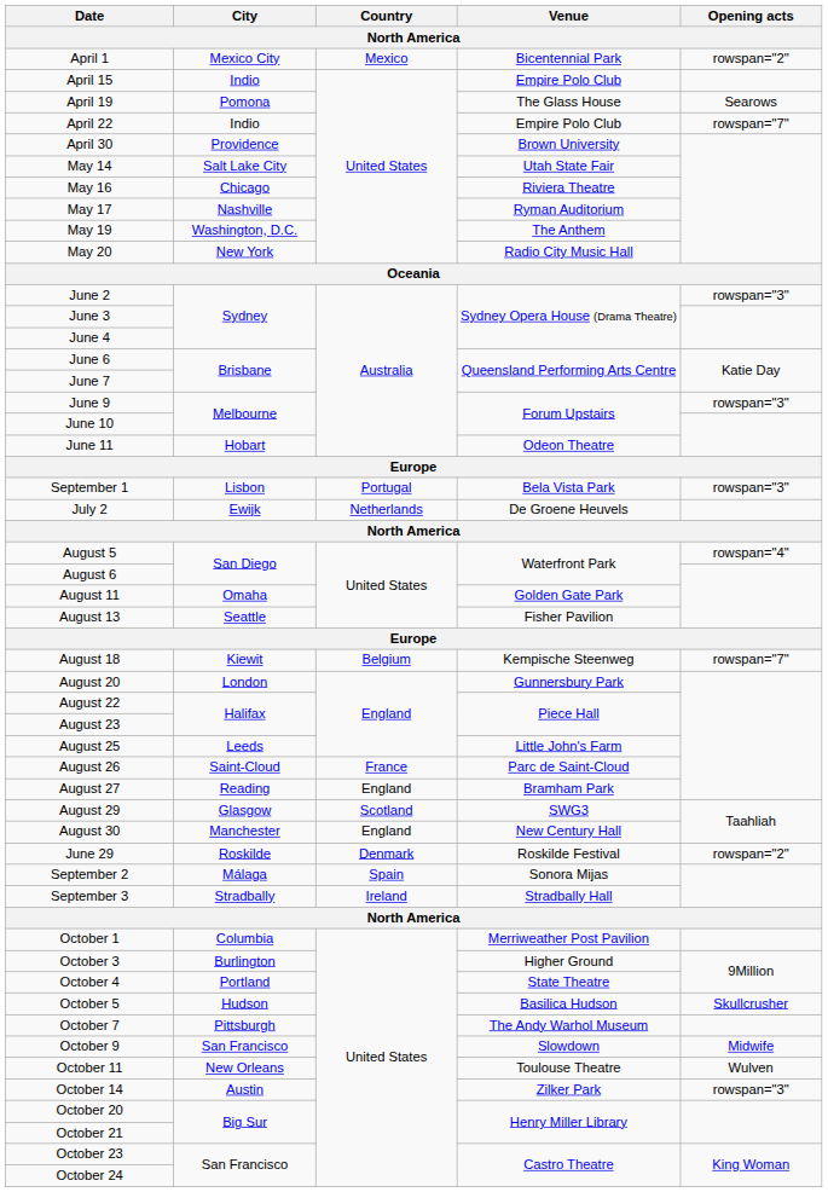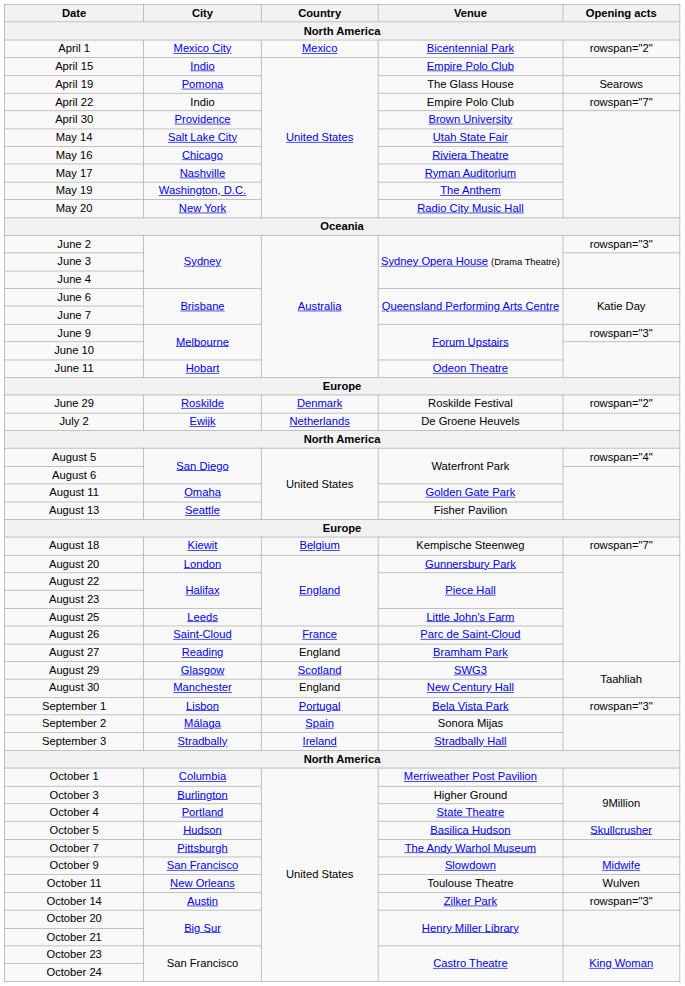 <table class="wikitable plainrowheaders" style="text-align:center;">
 <tr>
 <th scope="col" style="width:12em;">Date</th>
 <th scope="col" style="width:10em;">City</th>
 <th scope="col" style="width:10em;">Country</th>
 <th scope="col" style="width:16em;">Venue</th>
 <th scope="col" style="width:10em;">Opening acts</th>
 </tr>
 <tr>
 <th colspan="5">North America</th>
 </tr>
 <tr>
 <td>April 1</td>
 <td><a href='#'>Mexico City</a></td>
 <td><a href='#'>Mexico</a></td>
 <td><a href='#'>Bicentennial Park</a></td>
 <td>rowspan="2" </td>
 </tr>
 <tr>
 <td>April 15</td>
 <td><a href='#'>Indio</a></td>
 <td rowspan="9"><a href='#'>United States</a></td>
 <td><a href='#'>Empire Polo Club</a></td>
 </tr>
 <tr>
 <td>April 19</td>
 <td><a href='#'>Pomona</a></td>
 <td>The Glass House</td>
 <td>Searows</td>
 </tr>
 <tr>
 <td>April 22</td>
 <td>Indio</td>
 <td>Empire Polo Club</td>
 <td>rowspan="7" </td>
 </tr>
 <tr>
 <td>April 30</td>
 <td><a href='#'>Providence</a></td>
 <td><a href='#'>Brown University</a></td>
 </tr>
 <tr>
 <td>May 14</td>
 <td><a href='#'>Salt Lake City</a></td>
 <td><a href='#'>Utah State Fair</a></td>
 </tr>
 <tr>
 <td>May 16</td>
 <td><a href='#'>Chicago</a></td>
 <td><a href='#'>Riviera Theatre</a></td>
 </tr>
 <tr>
 <td>May 17</td>
 <td><a href='#'>Nashville</a></td>
 <td><a href='#'>Ryman Auditorium</a></td>
 </tr>
 <tr>
 <td>May 19</td>
 <td><a href='#'>Washington, D.C.</a></td>
 <td><a href='#'>The Anthem</a></td>
 </tr>
 <tr>
 <td>May 20</td>
 <td><a href='#'>New York</a></td>
 <td><a href='#'>Radio City Music Hall</a></td>
 </tr>
 <tr>
 <th colspan="5">Oceania</th>
 </tr>
 <tr>
 <td>June 2</td>
 <td rowspan="3"><a href='#'>Sydney</a></td>
 <td rowspan="8"><a href='#'>Australia</a></td>
 <td rowspan="3"><a href='#'>Sydney Opera House</a> <small>(Drama Theatre)</small></td>
 <td>rowspan="3" </td>
 </tr>
 <tr>
 <td>June 3</td>
 </tr>
 <tr>
 <td>June 4</td>
 </tr>
 <tr>
 <td>June 6</td>
 <td rowspan="2"><a href='#'>Brisbane</a></td>
 <td rowspan="2"><a href='#'>Queensland Performing Arts Centre</a></td>
 <td rowspan="2">Katie Day</td>
 </tr>
 <tr>
 <td>June 7</td>
 </tr>
 <tr>
 <td>June 9</td>
 <td rowspan="2"><a href='#'>Melbourne</a></td>
 <td rowspan="2"><a href='#'>Forum Upstairs</a></td>
 <td>rowspan="3" </td>
 </tr>
 <tr>
 <td>June 10</td>
 </tr>
 <tr>
 <td>June 11</td>
 <td><a href='#'>Hobart</a></td>
 <td><a href='#'>Odeon Theatre</a></td>
 </tr>
 <tr>
 <th colspan="5">Europe</th>
 </tr>
 <tr>
-<td>September 1</td>
-<td><a href='#'>Lisbon</a></td>
-<td><a href='#'>Portugal</a></td>
-<td><a href='#'>Bela Vista Park</a></td>
-<td>rowspan="3" </td>
+<td>June 29</td>
+<td><a href='#'>Roskilde</a></td>
+<td><a href='#'>Denmark</a></td>
+<td>Roskilde Festival</td>
+<td>rowspan="2" </td>
 </tr>
 <tr>
 <td>July 2</td>
 <td><a href='#'>Ewijk</a></td>
 <td><a href='#'>Netherlands</a></td>
 <td>De Groene Heuvels</td>
 </tr>
 <tr>
 <th colspan="5">North America</th>
 </tr>
 <tr>
 <td>August 5</td>
 <td rowspan="2"><a href='#'>San Diego</a></td>
 <td rowspan="4">United States</td>
 <td rowspan="2">Waterfront Park</td>
 <td>rowspan="4" </td>
 </tr>
 <tr>
 <td>August 6</td>
 </tr>
 <tr>
 <td>August 11</td>
 <td><a href='#'>Omaha</a></td>
 <td><a href='#'>Golden Gate Park</a></td>
 </tr>
 <tr>
 <td>August 13</td>
 <td><a href='#'>Seattle</a></td>
 <td>Fisher Pavilion</td>
 </tr>
 <tr>
 <th colspan="5">Europe</th>
 </tr>
 <tr>
 <td>August 18</td>
 <td><a href='#'>Kiewit</a></td>
 <td><a href='#'>Belgium</a></td>
 <td>Kempische Steenweg</td>
 <td>rowspan="7" </td>
 </tr>
 <tr>
 <td>August 20</td>
 <td><a href='#'>London</a></td>
 <td rowspan="4"><a href='#'>England</a></td>
 <td><a href='#'>Gunnersbury Park</a></td>
 </tr>
 <tr>
 <td>August 22</td>
 <td rowspan="2"><a href='#'>Halifax</a></td>
 <td rowspan="2"><a href='#'>Piece Hall</a></td>
 </tr>
 <tr>
 <td>August 23</td>
 </tr>
 <tr>
 <td>August 25</td>
 <td><a href='#'>Leeds</a></td>
 <td><a href='#'>Little John's Farm</a></td>
 </tr>
 <tr>
 <td>August 26</td>
 <td><a href='#'>Saint-Cloud</a></td>
 <td><a href='#'>France</a></td>
 <td><a href='#'>Parc de Saint-Cloud</a></td>
 </tr>
 <tr>
 <td>August 27</td>
 <td><a href='#'>Reading</a></td>
 <td>England</td>
 <td><a href='#'>Bramham Park</a></td>
 </tr>
 <tr>
 <td>August 29</td>
 <td><a href='#'>Glasgow</a></td>
 <td><a href='#'>Scotland</a></td>
 <td><a href='#'>SWG3</a></td>
 <td rowspan="2">Taahliah</td>
 </tr>
 <tr>
 <td>August 30</td>
 <td><a href='#'>Manchester</a></td>
 <td>England</td>
 <td><a href='#'>New Century Hall</a></td>
 </tr>
 <tr>
-<td>June 29</td>
-<td><a href='#'>Roskilde</a></td>
-<td><a href='#'>Denmark</a></td>
-<td>Roskilde Festival</td>
-<td>rowspan="2" </td>
+<td>September 1</td>
+<td><a href='#'>Lisbon</a></td>
+<td><a href='#'>Portugal</a></td>
+<td><a href='#'>Bela Vista Park</a></td>
+<td>rowspan="3" </td>
 </tr>
 <tr>
 <td>September 2</td>
 <td><a href='#'>Málaga</a></td>
 <td><a href='#'>Spain</a></td>
 <td>Sonora Mijas</td>
 </tr>
 <tr>
 <td>September 3</td>
 <td><a href='#'>Stradbally</a></td>
 <td><a href='#'>Ireland</a></td>
 <td><a href='#'>Stradbally Hall</a></td>
 </tr>
 <tr>
 <th colspan="5">North America</th>
 </tr>
 <tr>
 <td>October 1</td>
 <td><a href='#'>Columbia</a></td>
 <td rowspan="12">United States</td>
 <td><a href='#'>Merriweather Post Pavilion</a></td>
 <td></td>
 </tr>
 <tr>
 <td>October 3</td>
 <td><a href='#'>Burlington</a></td>
 <td>Higher Ground</td>
 <td rowspan="2">9Million</td>
 </tr>
 <tr>
 <td>October 4</td>
 <td><a href='#'>Portland</a></td>
 <td><a href='#'>State Theatre</a></td>
 </tr>
 <tr>
 <td>October 5</td>
 <td><a href='#'>Hudson</a></td>
 <td><a href='#'>Basilica Hudson</a></td>
 <td><a href='#'>Skullcrusher</a></td>
 </tr>
 <tr>
 <td>October 7</td>
 <td><a href='#'>Pittsburgh</a></td>
 <td><a href='#'>The Andy Warhol Museum</a></td>
 <td></td>
 </tr>
 <tr>
 <td>October 9</td>
 <td><a href='#'>San Francisco</a></td>
 <td><a href='#'>Slowdown</a></td>
 <td><a href='#'>Midwife</a></td>
 </tr>
 <tr>
 <td>October 11</td>
 <td><a href='#'>New Orleans</a></td>
 <td>Toulouse Theatre</td>
 <td>Wulven</td>
 </tr>
 <tr>
 <td>October 14</td>
 <td><a href='#'>Austin</a></td>
 <td><a href='#'>Zilker Park</a></td>
 <td>rowspan="3" </td>
 </tr>
 <tr>
 <td>October 20</td>
 <td rowspan="2"><a href='#'>Big Sur</a></td>
 <td rowspan="2"><a href='#'>Henry Miller Library</a></td>
 </tr>
 <tr>
 <td>October 21</td>
 </tr>
 <tr>
 <td>October 23</td>
 <td rowspan="2">San Francisco</td>
 <td rowspan="2"><a href='#'>Castro Theatre</a></td>
 <td rowspan="2"><a href='#'>King Woman</a></td>
 </tr>
 <tr>
 <td>October 24</td>
 </tr>
 </table>
